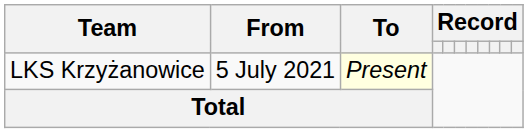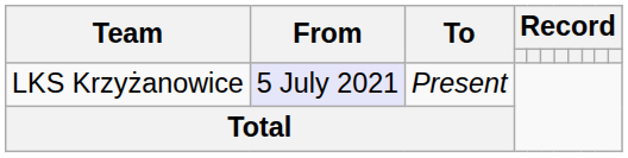 <table class="wikitable" style="text-align: center;">
 <tr>
 <th rowspan="2">Team</th>
 <th rowspan="2">From</th>
 <th rowspan="2">To</th>
 <th colspan="8">Record</th>
 </tr>
 <tr>
 <th></th>
 <th></th>
 <th></th>
 <th></th>
 <th></th>
 <th></th>
 <th></th>
 <th></th>
 </tr>
 <tr>
 <td align=left>LKS Krzyżanowice</td>
-<td align=left>5 July 2021</td>
-<td align=left style="background: lightyellow;"><em>Present</em><br></td>
+<td align=left style="background: lavender;">5 July 2021</td>
+<td align=left><em>Present</em><br></td>
 </tr>
 <tr>
 <th colspan="3">Total<br></th>
 </tr>
 </table>
